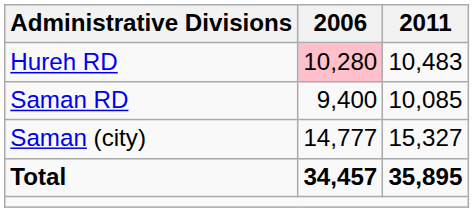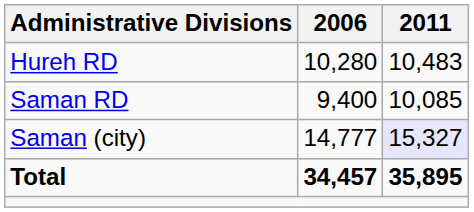 <table class="wikitable">
 <tr>
 <th>Administrative Divisions</th>
 <th>2006</th>
 <th>2011</th>
 </tr>
 <tr>
 <td><a href='#'>Hureh RD</a></td>
-<td style="background: pink; text-align: right;">10,280</td>
+<td style="text-align: right;">10,280</td>
 <td style="text-align: right;">10,483</td>
 </tr>
 <tr>
 <td><a href='#'>Saman RD</a></td>
 <td style="text-align: right;">9,400</td>
 <td style="text-align: right;">10,085</td>
 </tr>
 <tr>
 <td><a href='#'>Saman</a> (city)</td>
 <td style="text-align: right;">14,777</td>
-<td style="text-align: right;">15,327</td>
+<td style="background: lavender; text-align: right;">15,327</td>
 </tr>
 <tr>
 <td><strong>Total</strong></td>
 <td style="text-align: right;"><strong>34,457</strong></td>
 <td style="text-align: right;"><strong>35,895</strong></td>
 </tr>
 <tr>
 <td colspan=3></td>
 </tr>
 </table>
